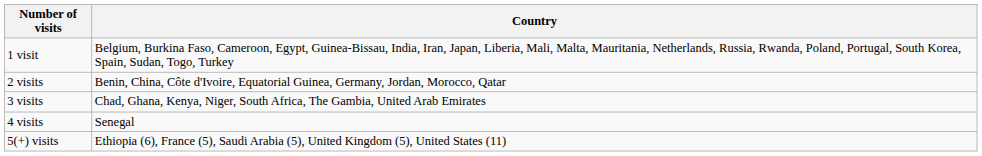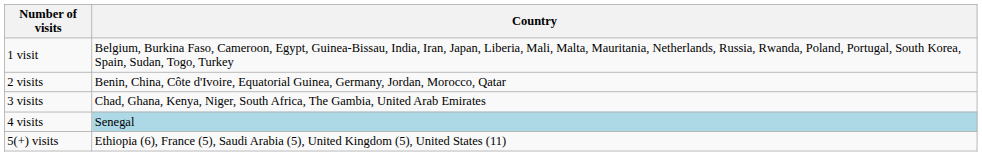 <table class=wikitable>
 <tr>
 <th>Number of visits</th>
 <th>Country</th>
 </tr>
 <tr>
 <td>1 visit</td>
 <td>Belgium, Burkina Faso, Cameroon, Egypt, Guinea-Bissau, India, Iran, Japan, Liberia, Mali, Malta, Mauritania, Netherlands, Russia, Rwanda, Poland, Portugal, South Korea, Spain, Sudan, Togo, Turkey</td>
 </tr>
 <tr>
 <td>2 visits</td>
 <td>Benin, China, Côte d'Ivoire, Equatorial Guinea, Germany, Jordan, Morocco, Qatar</td>
 </tr>
 <tr>
 <td>3 visits</td>
 <td>Chad, Ghana, Kenya, Niger, South Africa, The Gambia, United Arab Emirates</td>
 </tr>
 <tr>
 <td>4 visits</td>
-<td>Senegal</td>
+<td style="background: lightblue;">Senegal</td>
 </tr>
 <tr>
 <td>5(+) visits</td>
 <td>Ethiopia (6), France (5), Saudi Arabia (5), United Kingdom (5), United States (11)</td>
 </tr>
 </table>
